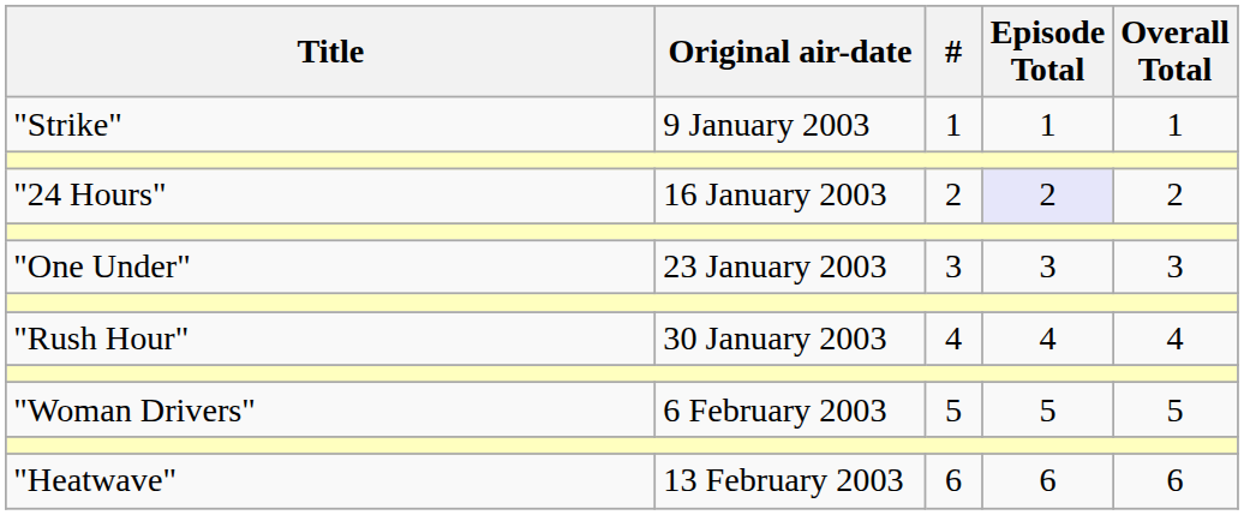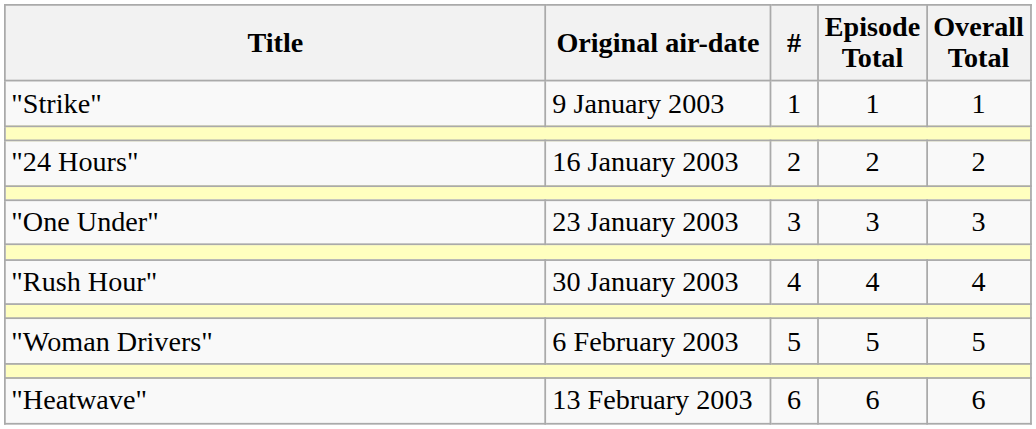 <table class="wikitable">
 <tr>
 <th width="300">Title</th>
 <th width="120">Original air-date</th>
 <th width="20">#</th>
 <th width="5">Episode Total</th>
 <th width="8">Overall Total</th>
 </tr>
 <tr>
 <td>"Strike"</td>
 <td>9 January 2003</td>
 <td align="center">1</td>
 <td align="center">1</td>
 <td align="center">1</td>
 </tr>
 <tr>
 <td colspan="7" bgcolor="#FFFFBF" height="1"></td>
 </tr>
 <tr>
 <td>"24 Hours"</td>
 <td>16 January 2003</td>
 <td align="center">2</td>
-<td align="center" style="background: lavender;">2</td>
+<td align="center">2</td>
 <td align="center">2</td>
 </tr>
 <tr>
 <td colspan="7" bgcolor="#FFFFBF" height="1"></td>
 </tr>
 <tr>
 <td>"One Under"</td>
 <td>23 January 2003</td>
 <td align="center">3</td>
 <td align="center">3</td>
 <td align="center">3</td>
 </tr>
 <tr>
 <td colspan="7" bgcolor="#FFFFBF" height="1"></td>
 </tr>
 <tr>
 <td>"Rush Hour"</td>
 <td>30 January 2003</td>
 <td align="center">4</td>
 <td align="center">4</td>
 <td align="center">4</td>
 </tr>
 <tr>
 <td colspan="7" bgcolor="#FFFFBF" height="1"></td>
 </tr>
 <tr>
 <td>"Woman Drivers"</td>
 <td>6 February 2003</td>
 <td align="center">5</td>
 <td align="center">5</td>
 <td align="center">5</td>
 </tr>
 <tr>
 <td colspan="7" bgcolor="#FFFFBF" height="1"></td>
 </tr>
 <tr>
 <td>"Heatwave"</td>
 <td>13 February 2003</td>
 <td align="center">6</td>
 <td align="center">6</td>
 <td align="center">6</td>
 </tr>
 </table>
